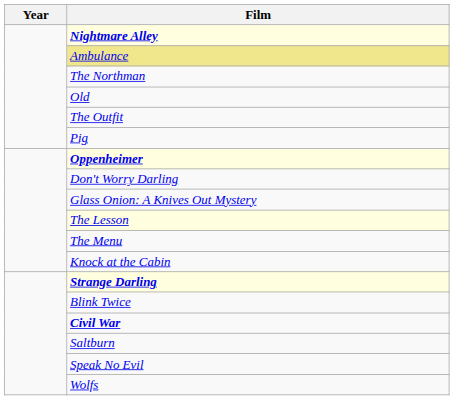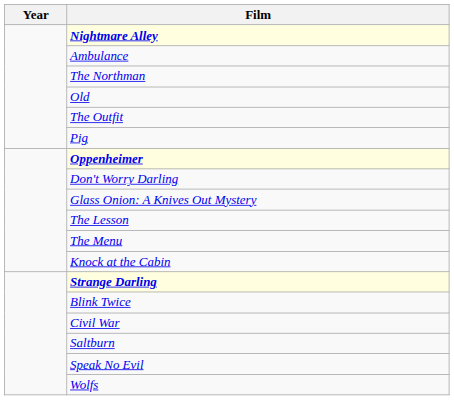 <table class="wikitable" width="550px" border="1" cellpadding="5" cellspacing="0" align="centre">
 <tr>
 <th width="70px">Year</th>
 <th>Film</th>
 </tr>
 <tr>
 <td rowspan="6"></td>
 <td style="background:lightyellow"><strong><em><a href='#'>Nightmare Alley</a></em></strong></td>
 </tr>
 <tr>
-<td style="background: khaki;"><em><a href='#'>Ambulance</a></em></td>
+<td><em><a href='#'>Ambulance</a></em></td>
 </tr>
 <tr>
 <td><em><a href='#'>The Northman</a></em></td>
 </tr>
 <tr>
 <td><em><a href='#'>Old</a></em></td>
 </tr>
 <tr>
 <td><em><a href='#'>The Outfit</a></em></td>
 </tr>
 <tr>
 <td><em><a href='#'>Pig</a></em></td>
 </tr>
 <tr>
 <td rowspan="6"></td>
 <td style="background:lightyellow"><strong><em><a href='#'>Oppenheimer</a></em></strong></td>
 </tr>
 <tr>
 <td><em><a href='#'>Don't Worry Darling</a></em></td>
 </tr>
 <tr>
 <td><em><a href='#'>Glass Onion: A Knives Out Mystery</a></em></td>
 </tr>
 <tr>
-<td style="background: lightyellow;"><em><a href='#'>The Lesson</a></em></td>
+<td><em><a href='#'>The Lesson</a></em></td>
 </tr>
 <tr>
 <td><em><a href='#'>The Menu</a></em></td>
 </tr>
 <tr>
 <td><em><a href='#'>Knock at the Cabin</a></em></td>
 </tr>
 <tr>
 <td rowspan="6"></td>
 <td style="background:lightyellow"><strong><em><a href='#'>Strange Darling</a></em></strong></td>
 </tr>
 <tr>
 <td><em><a href='#'>Blink Twice</a></em></td>
 </tr>
 <tr>
-<td><strong><em><a href='#'>Civil War</a></em></strong></td>
+<td><em><a href='#'>Civil War</a></em></td>
 </tr>
 <tr>
 <td><em><a href='#'>Saltburn</a></em></td>
 </tr>
 <tr>
 <td><em><a href='#'>Speak No Evil</a></em></td>
 </tr>
 <tr>
 <td><em><a href='#'>Wolfs</a></em></td>
 </tr>
 </table>
